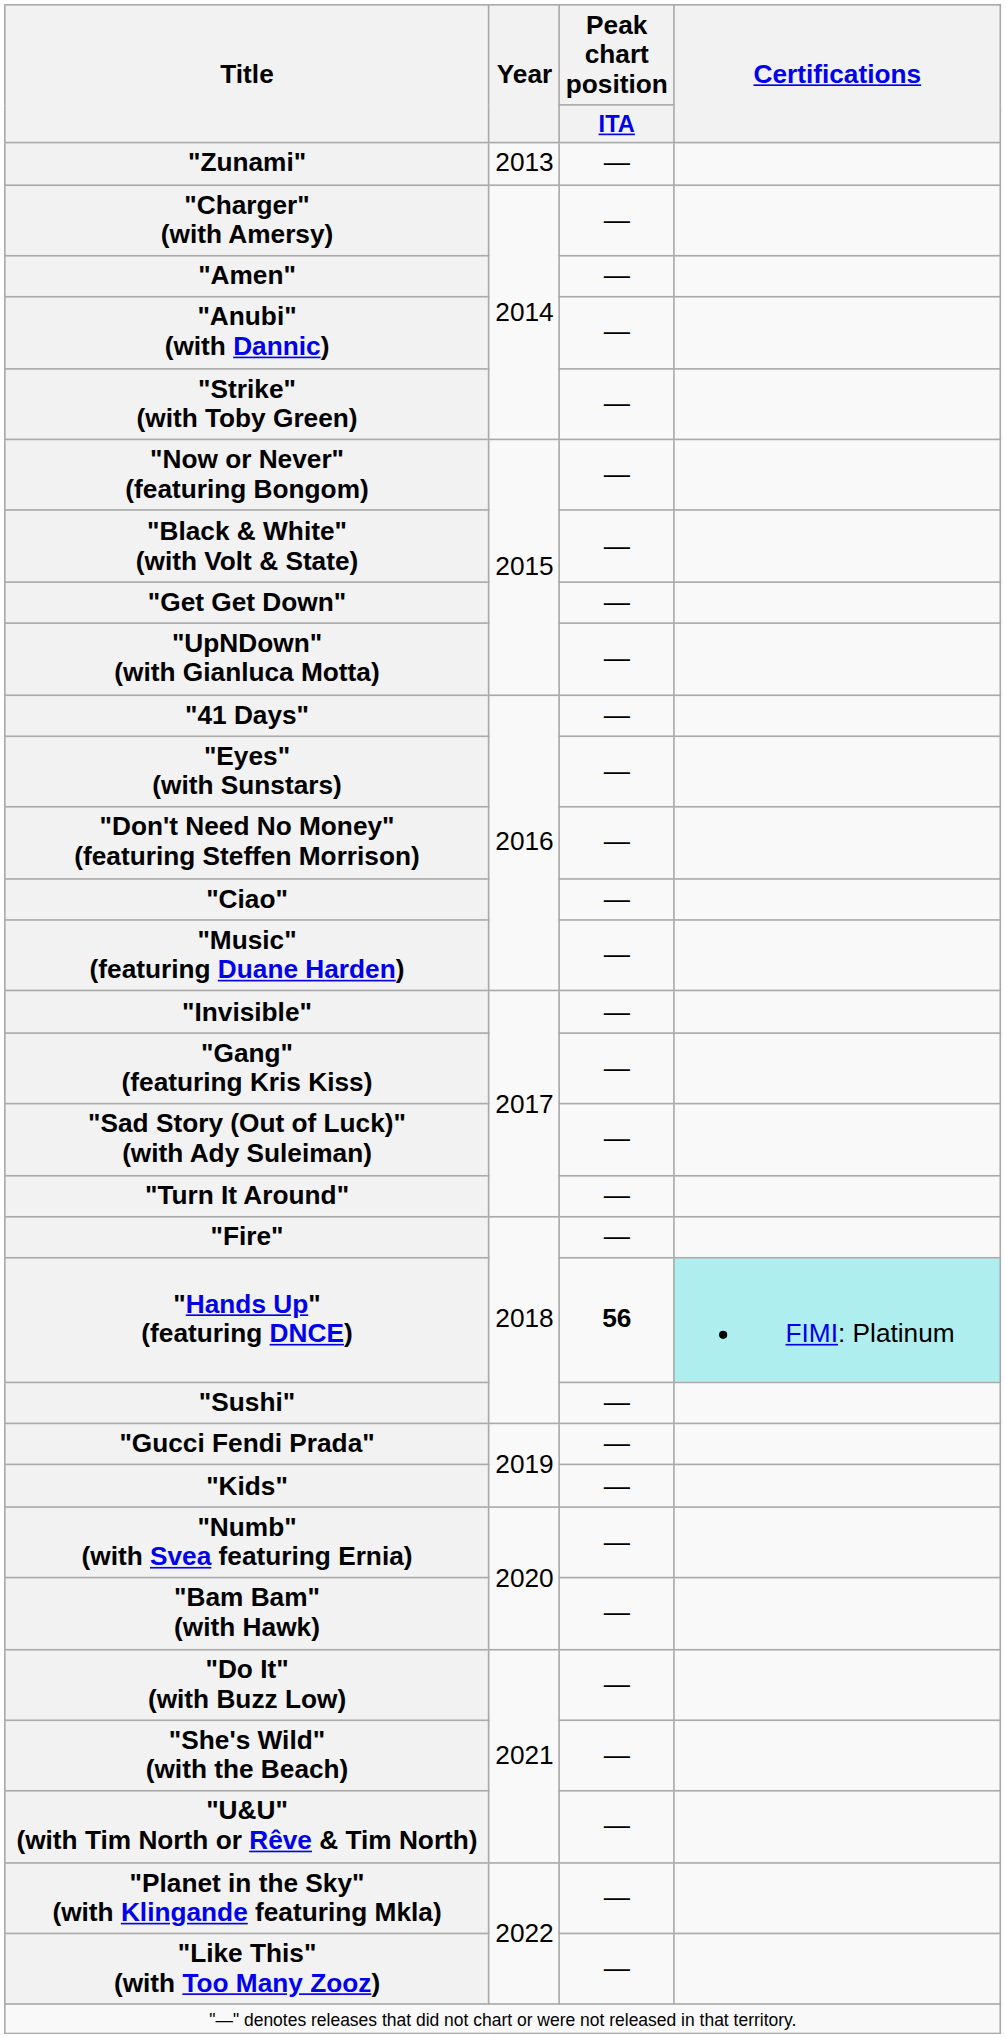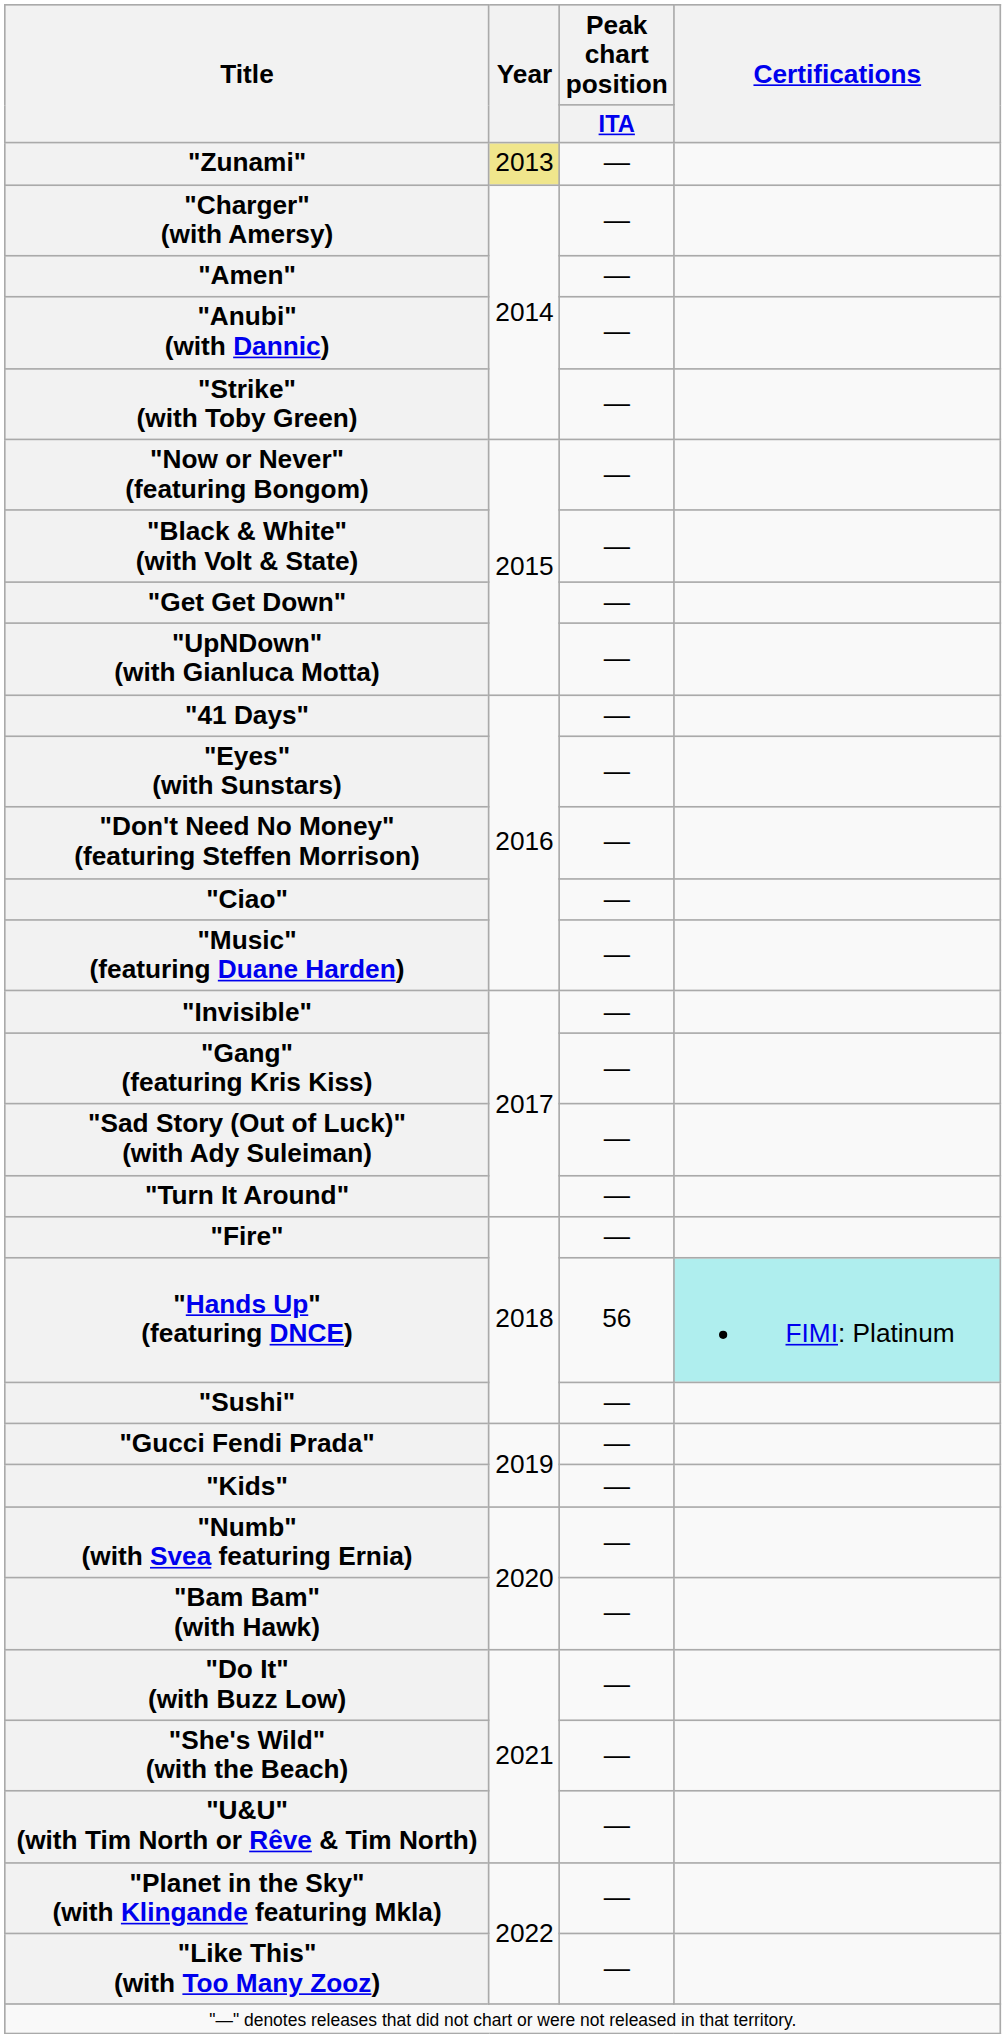 <table class="wikitable plainrowheaders" style="text-align:center;" border="1">
 <tr>
 <th scope="col" rowspan="2" style="width:18em;">Title</th>
 <th scope="col" rowspan="2">Year</th>
 <th scope="col" colspan="1">Peak chart position</th>
 <th scope="col" rowspan="2" style="width:12em;"><a href='#'>Certifications</a></th>
 </tr>
 <tr>
 <th scope="col" style="width:2.5em;font-size:90%;"><a href='#'>ITA</a><br></th>
 </tr>
 <tr>
 <th scope="row">"Zunami"</th>
-<td>2013</td>
+<td style="background: khaki;">2013</td>
 <td>—</td>
 <td></td>
 </tr>
 <tr>
 <th scope="row">"Charger"<br><span>(with Amersy)</span></th>
 <td rowspan="4">2014</td>
 <td>—</td>
 <td></td>
 </tr>
 <tr>
 <th scope="row">"Amen"</th>
 <td>—</td>
 <td></td>
 </tr>
 <tr>
 <th scope="row">"Anubi"<br><span>(with <a href='#'>Dannic</a>)</span></th>
 <td>—</td>
 <td></td>
 </tr>
 <tr>
 <th scope="row">"Strike"<br><span>(with Toby Green)</span></th>
 <td>—</td>
 <td></td>
 </tr>
 <tr>
 <th scope="row">"Now or Never"<br><span>(featuring Bongom)</span></th>
 <td rowspan="4">2015</td>
 <td>—</td>
 <td></td>
 </tr>
 <tr>
 <th scope="row">"Black & White"<br><span>(with Volt & State)</span></th>
 <td>—</td>
 <td></td>
 </tr>
 <tr>
 <th scope="row">"Get Get Down"</th>
 <td>—</td>
 <td></td>
 </tr>
 <tr>
 <th scope="row">"UpNDown"<br><span>(with Gianluca Motta)</span></th>
 <td>—</td>
 <td></td>
 </tr>
 <tr>
 <th scope="row">"41 Days"</th>
 <td rowspan="5">2016</td>
 <td>—</td>
 <td></td>
 </tr>
 <tr>
 <th scope="row">"Eyes"<br><span>(with Sunstars)</span></th>
 <td>—</td>
 <td></td>
 </tr>
 <tr>
 <th scope="row">"Don't Need No Money"<br><span>(featuring Steffen Morrison)</span></th>
 <td>—</td>
 <td></td>
 </tr>
 <tr>
 <th scope="row">"Ciao"</th>
 <td>—</td>
 <td></td>
 </tr>
 <tr>
 <th scope="row">"Music"<br><span>(featuring <a href='#'>Duane Harden</a>)</span></th>
 <td>—</td>
 <td></td>
 </tr>
 <tr>
 <th scope="row">"Invisible"</th>
 <td rowspan="4">2017</td>
 <td>—</td>
 <td></td>
 </tr>
 <tr>
 <th scope="row">"Gang"<br><span>(featuring Kris Kiss)</span></th>
 <td>—</td>
 <td></td>
 </tr>
 <tr>
 <th scope="row">"Sad Story (Out of Luck)"<br><span>(with Ady Suleiman)</span></th>
 <td>—</td>
 <td></td>
 </tr>
 <tr>
 <th scope="row">"Turn It Around"</th>
 <td>—</td>
 <td></td>
 </tr>
 <tr>
 <th scope="row">"Fire"</th>
 <td rowspan="3">2018</td>
 <td>—</td>
 <td></td>
 </tr>
 <tr>
 <th scope="row">"<a href='#'>Hands Up</a>"<br><span>(featuring <a href='#'>DNCE</a>)</span></th>
-<td><strong>56</strong></td>
+<td>56</td>
 <td style="background: paleturquoise;"><br><ul><li><a href='#'>FIMI</a>: Platinum</li></ul></td>
 </tr>
 <tr>
 <th scope="row">"Sushi"</th>
 <td>—</td>
 <td></td>
 </tr>
 <tr>
 <th scope="row">"Gucci Fendi Prada"</th>
 <td rowspan="2">2019</td>
 <td>—</td>
 <td></td>
 </tr>
 <tr>
 <th scope="row">"Kids"</th>
 <td>—</td>
 <td></td>
 </tr>
 <tr>
 <th scope="row">"Numb"<br><span>(with <a href='#'>Svea</a> featuring Ernia)</span></th>
 <td rowspan="2">2020</td>
 <td>—</td>
 <td></td>
 </tr>
 <tr>
 <th scope="row">"Bam Bam"<br><span>(with Hawk)</span></th>
 <td>—</td>
 <td></td>
 </tr>
 <tr>
 <th scope="row">"Do It"<br><span>(with Buzz Low)</span></th>
 <td rowspan="3">2021</td>
 <td>—</td>
 <td></td>
 </tr>
 <tr>
 <th scope="row">"She's Wild"<br><span>(with the Beach)</span></th>
 <td>—</td>
 <td></td>
 </tr>
 <tr>
 <th scope="row">"U&U"<br><span>(with Tim North or <a href='#'>Rêve</a> & Tim North)</span></th>
 <td>—</td>
 <td></td>
 </tr>
 <tr>
 <th scope="row">"Planet in the Sky" <br><span>(with <a href='#'>Klingande</a> featuring Mkla)</span></th>
 <td rowspan="2">2022</td>
 <td>—</td>
 <td></td>
 </tr>
 <tr>
 <th scope="row">"Like This" <br><span>(with <a href='#'>Too Many Zooz</a>)</span></th>
 <td>—</td>
 <td></td>
 </tr>
 <tr>
 <td colspan="4" style="font-size:8pt">"—" denotes releases that did not chart or were not released in that territory.</td>
 </tr>
 </table>
